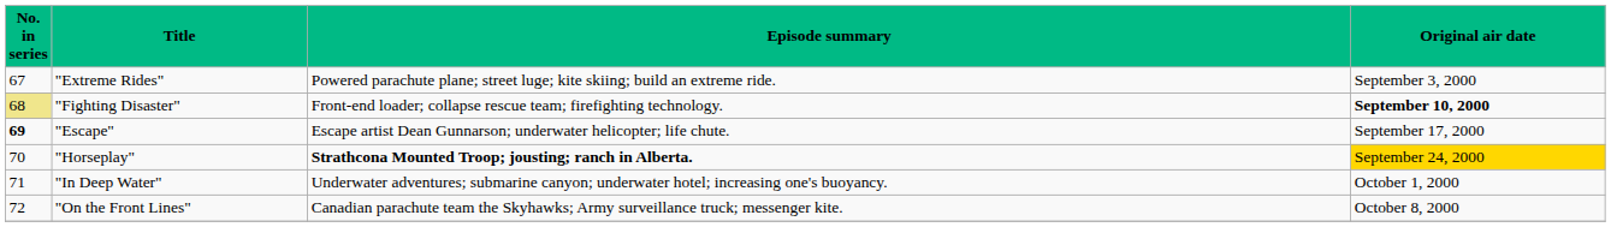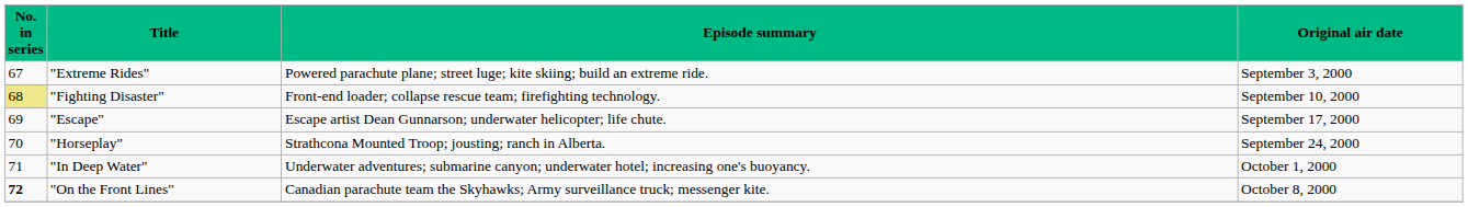 <table class="wikitable" width="100%">
 <tr>
 <th style="background-color:#00BA85" width="12em">No. in series</th>
 <th style="background-color:#00BA85">Title</th>
 <th style="background-color:#00BA85">Episode summary</th>
 <th style="background-color:#00BA85">Original air date</th>
 </tr>
 <tr>
 <td>67</td>
 <td>"Extreme Rides"</td>
 <td>Powered parachute plane; street luge; kite skiing; build an extreme ride.</td>
 <td>September 3, 2000</td>
 </tr>
 <tr>
 <td style="background: khaki;">68</td>
 <td>"Fighting Disaster"</td>
 <td>Front-end loader; collapse rescue team; firefighting technology.</td>
-<td><strong>September 10, 2000</strong></td>
+<td>September 10, 2000</td>
 </tr>
 <tr>
-<td><strong>69</strong></td>
+<td>69</td>
 <td>"Escape"</td>
 <td>Escape artist Dean Gunnarson; underwater helicopter; life chute.</td>
 <td>September 17, 2000</td>
 </tr>
 <tr>
 <td>70</td>
 <td>"Horseplay"</td>
-<td><strong>Strathcona Mounted Troop; jousting; ranch in Alberta.</strong></td>
-<td style="background: gold;">September 24, 2000</td>
+<td>Strathcona Mounted Troop; jousting; ranch in Alberta.</td>
+<td>September 24, 2000</td>
 </tr>
 <tr>
 <td>71</td>
 <td>"In Deep Water"</td>
 <td>Underwater adventures; submarine canyon; underwater hotel; increasing one's buoyancy.</td>
 <td>October 1, 2000</td>
 </tr>
 <tr>
-<td>72</td>
+<td><strong>72</strong></td>
 <td>"On the Front Lines"</td>
 <td>Canadian parachute team the Skyhawks; Army surveillance truck; messenger kite.</td>
 <td>October 8, 2000</td>
 </tr>
 <tr>
 </tr>
 </table>
